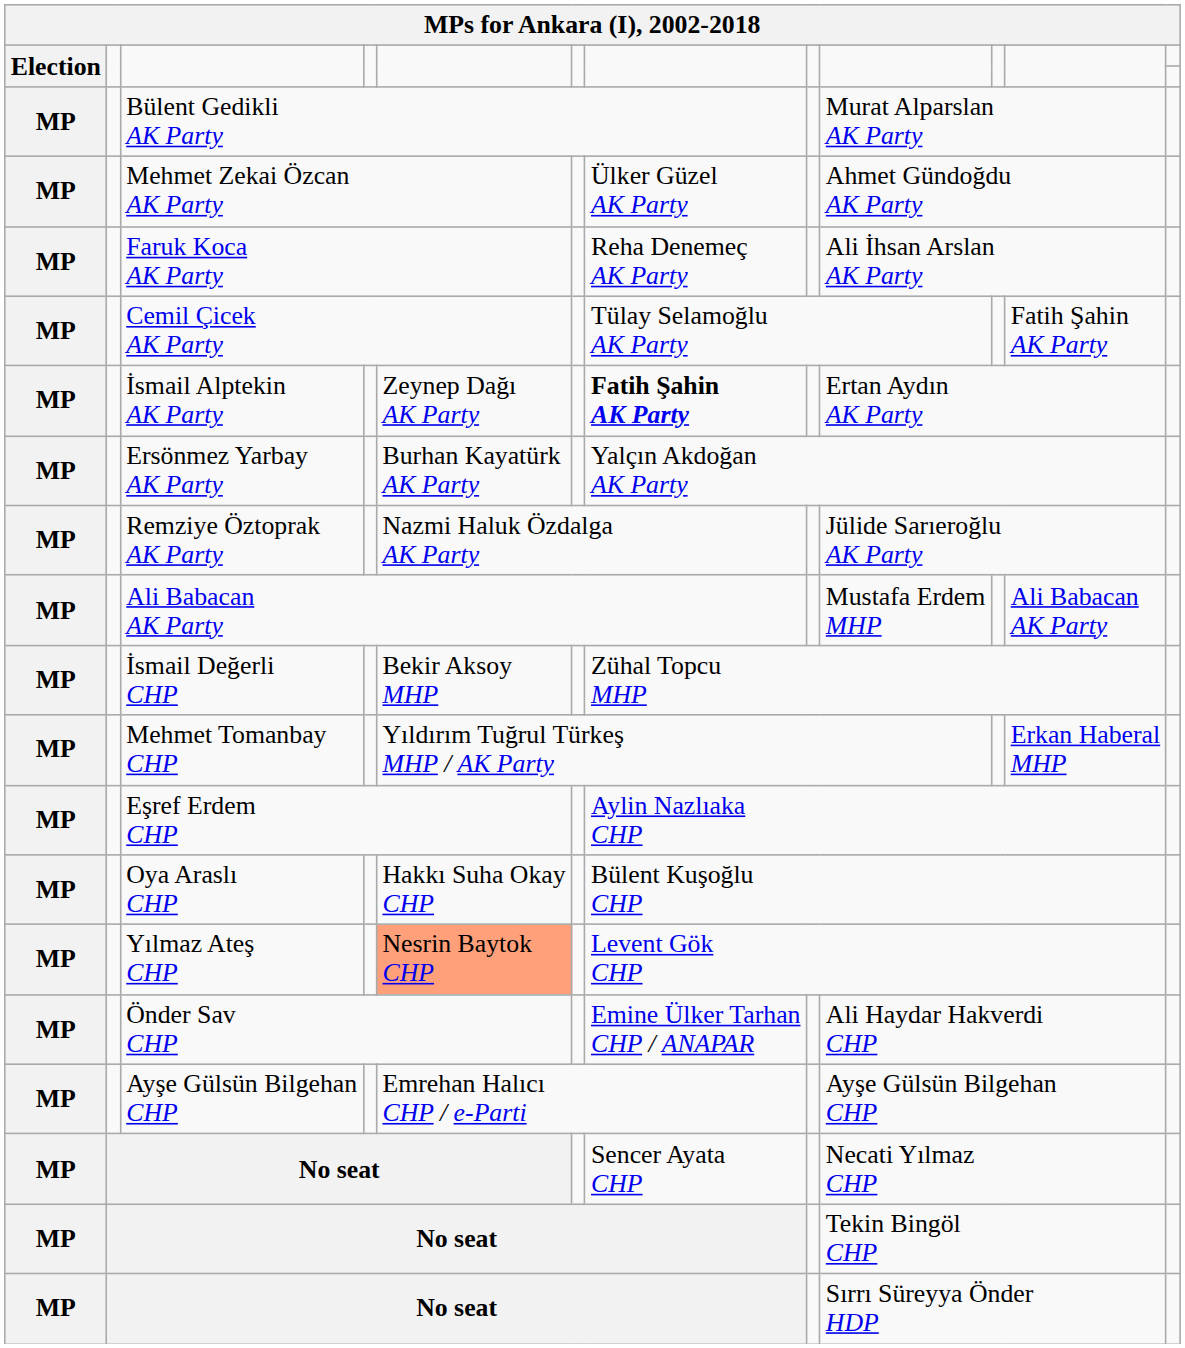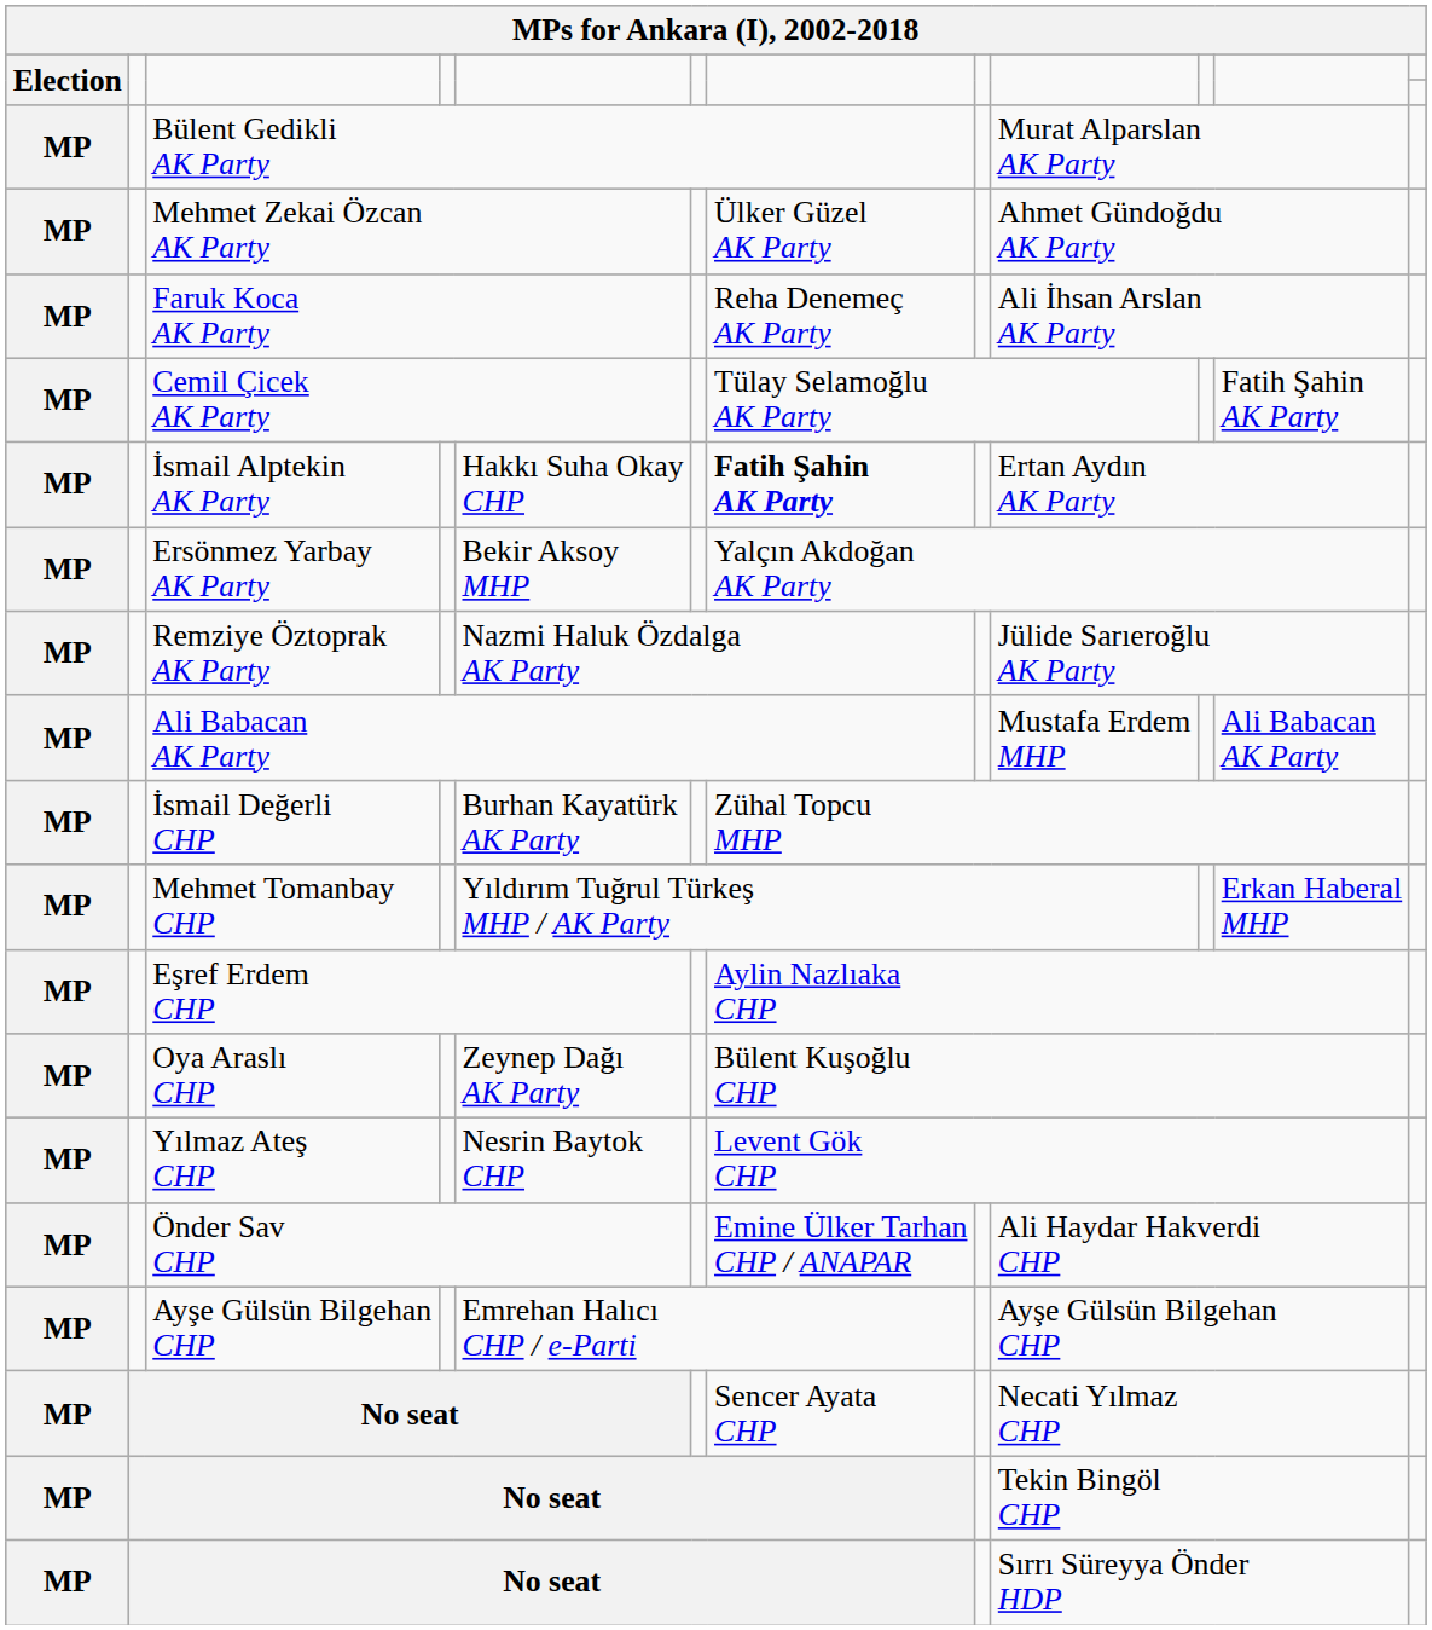 <table class="wikitable">
 <tr>
 <th colspan = 12>MPs for Ankara (I), 2002-2018</th>
 </tr>
 <tr>
 <th rowspan = 2>Election</th>
 <td rowspan="2" style="width:1px;"></td>
 <td rowspan = 2></td>
 <td rowspan="2" style="width:1px;"></td>
 <td rowspan = 2></td>
 <td rowspan="2" style="width:1px;"></td>
 <td rowspan = 2></td>
 <td rowspan="2" style="width:1px;"></td>
 <td rowspan = 2></td>
 <td rowspan="2" style="width:1px;"></td>
 <td rowspan="2"></td>
 <td></td>
 </tr>
 <tr>
 <td></td>
 </tr>
 <tr>
 <th>MP</th>
 <td width=1px style="background-color: "></td>
 <td colspan = 5>Bülent Gedikli<br><em><a href='#'>AK Party</a></em></td>
 <td width=1px style="background-color: "></td>
 <td colspan = 3>Murat Alparslan<br><em><a href='#'>AK Party</a></em></td>
 <td width=1px style="background-color: "></td>
 </tr>
 <tr>
 <th>MP</th>
 <td width=1px style="background-color: "></td>
 <td colspan = 3>Mehmet Zekai Özcan<br><em><a href='#'>AK Party</a></em></td>
 <td width=1px style="background-color: "></td>
 <td colspan = 1>Ülker Güzel<br><em><a href='#'>AK Party</a></em></td>
 <td width=1px style="background-color: "></td>
 <td colspan = 3>Ahmet Gündoğdu<br><em><a href='#'>AK Party</a></em></td>
 <td width=1px style="background-color: "></td>
 </tr>
 <tr>
 <th>MP</th>
 <td width=1px style="background-color: "></td>
 <td colspan = 3><a href='#'>Faruk Koca</a><br><em><a href='#'>AK Party</a></em></td>
 <td width=1px style="background-color: "></td>
 <td colspan = 1>Reha Denemeç<br><em><a href='#'>AK Party</a></em></td>
 <td width=1px style="background-color: "></td>
 <td colspan = 3>Ali İhsan Arslan<br><em><a href='#'>AK Party</a></em></td>
 <td width=1px style="background-color: "></td>
 </tr>
 <tr>
 <th>MP</th>
 <td width=1px style="background-color: "></td>
 <td colspan = 3><a href='#'>Cemil Çicek</a><br><em><a href='#'>AK Party</a></em></td>
 <td width=1px style="background-color: "></td>
 <td colspan = 3>Tülay Selamoğlu<br><em><a href='#'>AK Party</a></em></td>
 <td width=1px style="background-color: "></td>
 <td colspan = 1>Fatih Şahin<br><em><a href='#'>AK Party</a></em></td>
 <td width=1px style="background-color: "></td>
 </tr>
 <tr>
 <th>MP</th>
 <td width=1px style="background-color: "></td>
 <td colspan = 1>İsmail Alptekin<br><em><a href='#'>AK Party</a></em></td>
 <td width=1px style="background-color: "></td>
-<td colspan = 1>Zeynep Dağı<br><em><a href='#'>AK Party</a></em></td>
+<td colspan = 1>Hakkı Suha Okay<br><em><a href='#'>CHP</a></em></td>
 <td width=1px style="background-color: "></td>
 <td colspan = 1><strong>Fatih Şahin<br><em><a href='#'>AK Party</a></em></strong></td>
 <td width=1px style="background-color: "></td>
 <td colspan = 3>Ertan Aydın<br><em><a href='#'>AK Party</a></em></td>
 <td width=1px style="background-color: "></td>
 </tr>
 <tr>
 <th>MP</th>
 <td width=1px style="background-color: "></td>
 <td colspan = 1>Ersönmez Yarbay<br><em><a href='#'>AK Party</a></em></td>
 <td width=1px style="background-color: "></td>
-<td colspan = 1>Burhan Kayatürk<br><em><a href='#'>AK Party</a></em></td>
+<td colspan = 1>Bekir Aksoy<br><em><a href='#'>MHP</a></em></td>
 <td width=1px style="background-color: "></td>
 <td colspan = 5>Yalçın Akdoğan<br><em><a href='#'>AK Party</a></em></td>
 <td width=1px style="background-color: "></td>
 </tr>
 <tr>
 <th>MP</th>
 <td width=1px style="background-color: "></td>
 <td colspan = 1>Remziye Öztoprak<br><em><a href='#'>AK Party</a></em></td>
 <td width=1px style="background-color: "></td>
 <td colspan = 3>Nazmi Haluk Özdalga<br><em><a href='#'>AK Party</a></em></td>
 <td width=1px style="background-color: "></td>
 <td colspan = 3>Jülide Sarıeroğlu<br><em><a href='#'>AK Party</a></em></td>
 <td width=1px style="background-color: "></td>
 </tr>
 <tr>
 <th>MP</th>
 <td width=1px style="background-color: "></td>
 <td colspan = 5><a href='#'>Ali Babacan</a><br><em><a href='#'>AK Party</a></em></td>
 <td width=1px style="background-color: "></td>
 <td colspan = 1>Mustafa Erdem<br><em><a href='#'>MHP</a></em></td>
 <td width=1px style="background-color: "></td>
 <td colspan = 1><a href='#'>Ali Babacan</a><br><em><a href='#'>AK Party</a></em></td>
 <td width=1px style="background-color: "></td>
 </tr>
 <tr>
 <th>MP</th>
 <td width=1px style="background-color: "></td>
 <td colspan = 1>İsmail Değerli<br><em><a href='#'>CHP</a></em></td>
 <td width=1px style="background-color: "></td>
-<td colspan = 1>Bekir Aksoy<br><em><a href='#'>MHP</a></em></td>
+<td colspan = 1>Burhan Kayatürk<br><em><a href='#'>AK Party</a></em></td>
 <td width=1px style="background-color: "></td>
 <td colspan = 5>Zühal Topcu<br><em><a href='#'>MHP</a></em></td>
 <td width=1px style="background-color: "></td>
 </tr>
 <tr>
 <th>MP</th>
 <td width=1px style="background-color: "></td>
 <td colspan = 1>Mehmet Tomanbay<br><em><a href='#'>CHP</a></em></td>
 <td width=1px style="background-color: "></td>
 <td colspan = 5>Yıldırım Tuğrul Türkeş<br><em><a href='#'>MHP</a> / <a href='#'>AK Party</a></em></td>
 <td width=1px style="background-color: "></td>
 <td colspan = 1><a href='#'>Erkan Haberal</a><br><em><a href='#'>MHP</a></em></td>
 <td width=1px style="background-color: "></td>
 </tr>
 <tr>
 <th>MP</th>
 <td width=1px style="background-color: "></td>
 <td colspan = 3>Eşref Erdem<br><em><a href='#'>CHP</a></em></td>
 <td width=1px style="background-color: "></td>
 <td colspan = 5><a href='#'>Aylin Nazlıaka</a><br><em><a href='#'>CHP</a></em></td>
 <td width=1px style="background-color: "></td>
 </tr>
 <tr>
 <th>MP</th>
 <td width=1px style="background-color: "></td>
 <td colspan = 1>Oya Araslı<br><em><a href='#'>CHP</a></em></td>
 <td width=1px style="background-color: "></td>
-<td colspan = 1>Hakkı Suha Okay<br><em><a href='#'>CHP</a></em></td>
+<td colspan = 1>Zeynep Dağı<br><em><a href='#'>AK Party</a></em></td>
 <td width=1px style="background-color: "></td>
 <td colspan = 5>Bülent Kuşoğlu<br><em><a href='#'>CHP</a></em></td>
 <td width=1px style="background-color: "></td>
 </tr>
 <tr>
 <th>MP</th>
 <td width=1px style="background-color: "></td>
 <td colspan = 1>Yılmaz Ateş<br><em><a href='#'>CHP</a></em></td>
 <td width=1px style="background-color: "></td>
-<td colspan = 1 style="background: lightsalmon;">Nesrin Baytok<br><em><a href='#'>CHP</a></em></td>
+<td colspan = 1>Nesrin Baytok<br><em><a href='#'>CHP</a></em></td>
 <td width=1px style="background-color: "></td>
 <td colspan = 5><a href='#'>Levent Gök</a><br><em><a href='#'>CHP</a></em></td>
 <td width=1px style="background-color: "></td>
 </tr>
 <tr>
 <th>MP</th>
 <td width=1px style="background-color: "></td>
 <td colspan = 3>Önder Sav<br><em><a href='#'>CHP</a></em></td>
 <td width=1px style="background-color: "></td>
 <td colspan = 1><a href='#'>Emine Ülker Tarhan</a><br><em><a href='#'>CHP</a> / <a href='#'>ANAPAR</a></em></td>
 <td width=1px style="background-color: "></td>
 <td colspan = 3>Ali Haydar Hakverdi<br><em><a href='#'>CHP</a></em></td>
 <td width=1px style="background-color: "></td>
 </tr>
 <tr>
 <th>MP</th>
 <td width=1px style="background-color: "></td>
 <td colspan = 1>Ayşe Gülsün Bilgehan<br><em><a href='#'>CHP</a></em></td>
 <td width=1px style="background-color: "></td>
 <td colspan = 3>Emrehan Halıcı<br><em><a href='#'>CHP</a> / <a href='#'>e-Parti</a></em></td>
 <td width=1px style="background-color: "></td>
 <td colspan = 3>Ayşe Gülsün Bilgehan<br><em><a href='#'>CHP</a></em></td>
 <td width=1px style="background-color: "></td>
 </tr>
 <tr>
 <th>MP</th>
 <th colspan =4>No seat</th>
 <td width=1px style="background-color: "></td>
 <td colspan = 1>Sencer Ayata<br><em><a href='#'>CHP</a></em></td>
 <td width=1px style="background-color: "></td>
 <td colspan = 3>Necati Yılmaz<br><em><a href='#'>CHP</a></em></td>
 <td width=1px style="background-color: "></td>
 </tr>
 <tr>
 <th>MP</th>
 <th colspan = 6>No seat</th>
 <td width=1px style="background-color: "></td>
 <td colspan = 3>Tekin Bingöl<br><em><a href='#'>CHP</a></em></td>
 <td width=1px style="background-color: "></td>
 </tr>
 <tr>
 <th>MP</th>
 <th colspan =6>No seat</th>
 <td width=1px style="background-color: "></td>
 <td colspan = 3>Sırrı Süreyya Önder<br><em><a href='#'>HDP</a></em></td>
 <td width=1px style="background-color: "></td>
 </tr>
 </table>
